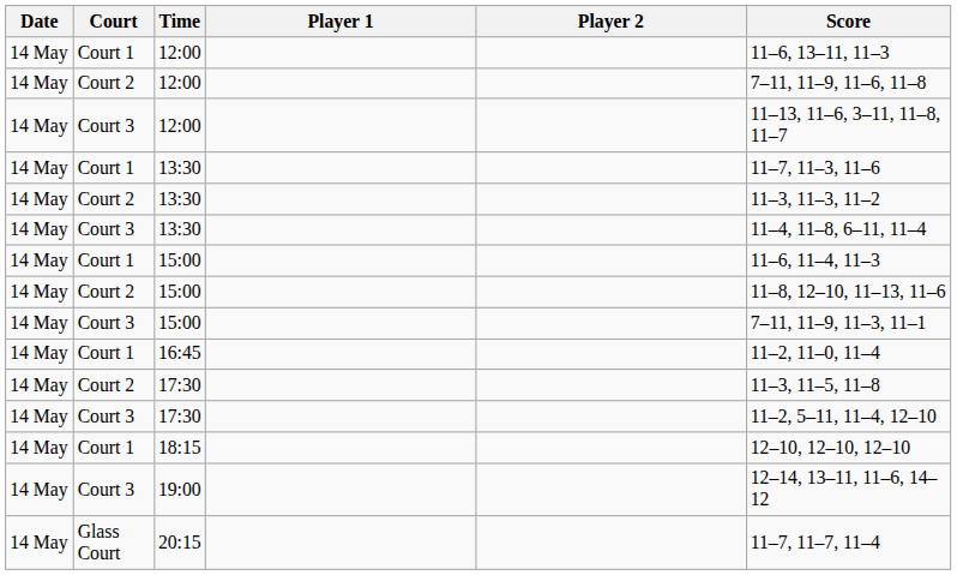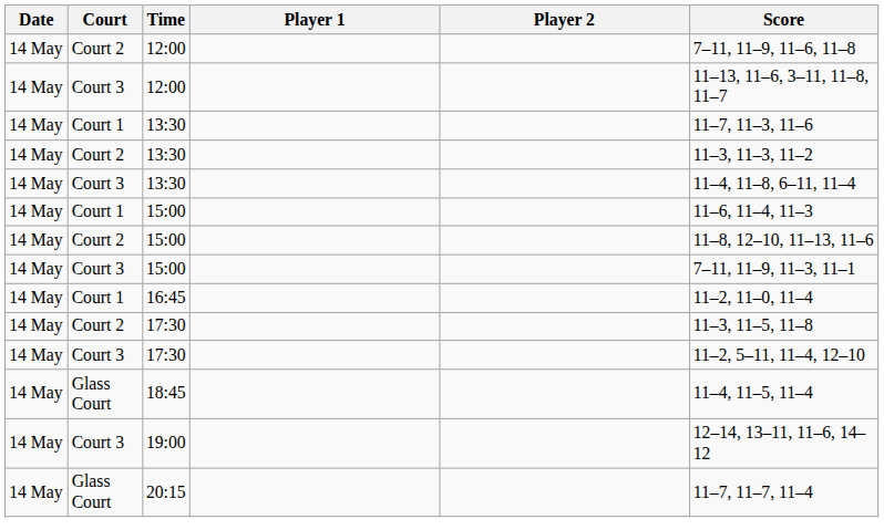 <table class="sortable wikitable" style="font-size:90%">
 <tr>
 <th width="45" class="unsortable">Date</th>
 <th width="55">Court</th>
 <th width="30">Time</th>
 <th width="200">Player 1</th>
 <th width="200">Player 2</th>
 <th width="150" class="unsortable">Score</th>
-</tr>
-<tr>
-<td>14 May</td>
-<td>Court 1</td>
-<td>12:00</td>
-<td></td>
-<td><strong></strong></td>
-<td>11–6, 13–11, 11–3</td>
 </tr>
 <tr>
 <td>14 May</td>
 <td>Court 2</td>
 <td>12:00</td>
 <td><strong></strong></td>
 <td></td>
 <td>7–11, 11–9, 11–6, 11–8</td>
 </tr>
 <tr>
 <td>14 May</td>
 <td>Court 3</td>
 <td>12:00</td>
 <td></td>
 <td><strong></strong></td>
 <td>11–13, 11–6, 3–11, 11–8, 11–7</td>
 </tr>
 <tr>
 <td>14 May</td>
 <td>Court 1</td>
 <td>13:30</td>
 <td></td>
 <td><strong></strong></td>
 <td>11–7, 11–3, 11–6</td>
 </tr>
 <tr>
 <td>14 May</td>
 <td>Court 2</td>
 <td>13:30</td>
 <td></td>
 <td><strong></strong></td>
 <td>11–3, 11–3, 11–2</td>
 </tr>
 <tr>
 <td>14 May</td>
 <td>Court 3</td>
 <td>13:30</td>
 <td><strong></strong></td>
 <td></td>
 <td>11–4, 11–8, 6–11, 11–4</td>
 </tr>
 <tr>
 <td>14 May</td>
 <td>Court 1</td>
 <td>15:00</td>
 <td><strong></strong></td>
 <td></td>
 <td>11–6, 11–4, 11–3</td>
 </tr>
 <tr>
 <td>14 May</td>
 <td>Court 2</td>
 <td>15:00</td>
 <td></td>
 <td><strong></strong></td>
 <td>11–8, 12–10, 11–13, 11–6</td>
 </tr>
 <tr>
 <td>14 May</td>
 <td>Court 3</td>
 <td>15:00</td>
 <td><strong></strong></td>
 <td></td>
 <td>7–11, 11–9, 11–3, 11–1</td>
 </tr>
 <tr>
 <td>14 May</td>
 <td>Court 1</td>
 <td>16:45</td>
 <td></td>
 <td><strong></strong></td>
 <td>11–2, 11–0, 11–4</td>
 </tr>
 <tr>
 <td>14 May</td>
 <td>Court 2</td>
 <td>17:30</td>
 <td><strong></strong></td>
 <td></td>
 <td>11–3, 11–5, 11–8</td>
 </tr>
 <tr>
 <td>14 May</td>
 <td>Court 3</td>
 <td>17:30</td>
 <td></td>
 <td><strong></strong></td>
 <td>11–2, 5–11, 11–4, 12–10</td>
 </tr>
 <tr>
 <td>14 May</td>
-<td>Court 1</td>
-<td>18:15</td>
+<td>Glass Court</td>
+<td>18:45</td>
 <td></td>
 <td><strong></strong></td>
-<td>12–10, 12–10, 12–10</td>
+<td>11–4, 11–5, 11–4</td>
 </tr>
 <tr>
 <td>14 May</td>
 <td>Court 3</td>
 <td>19:00</td>
 <td><strong></strong></td>
 <td></td>
 <td>12–14, 13–11, 11–6, 14–12</td>
 </tr>
 <tr>
 <td>14 May</td>
 <td>Glass Court</td>
 <td>20:15</td>
 <td><strong></strong></td>
 <td></td>
 <td>11–7, 11–7, 11–4</td>
 </tr>
 </table>
